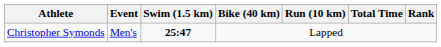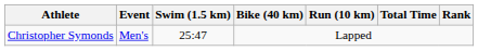 <table class="wikitable" style="font-size:90%">
 <tr>
 <th>Athlete</th>
 <th>Event</th>
 <th>Swim (1.5 km)</th>
 <th>Bike (40 km)</th>
 <th>Run (10 km)</th>
 <th>Total Time</th>
 <th>Rank</th>
 </tr>
 <tr align=center>
 <td align=left><a href='#'>Christopher Symonds</a></td>
 <td align=left rowspan=2><a href='#'>Men's</a></td>
-<td><strong>25:47</strong></td>
+<td>25:47</td>
 <td colspan=4>Lapped</td>
 </tr>
 </table>
